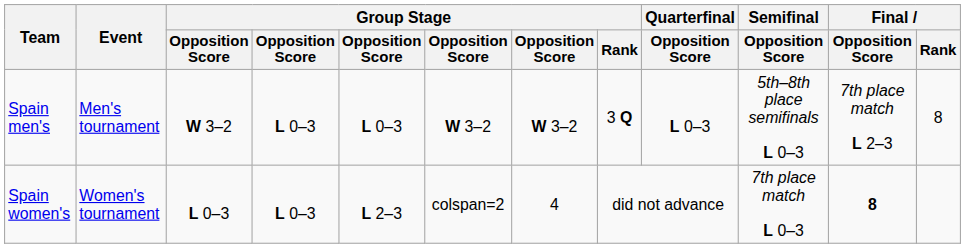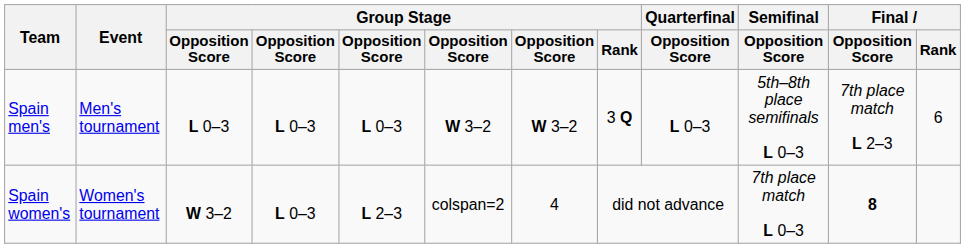 <table class=wikitable style=font-size:90%>
 <tr>
 <th rowspan=2>Team</th>
 <th rowspan=2>Event</th>
 <th colspan=6>Group Stage</th>
 <th>Quarterfinal</th>
 <th>Semifinal</th>
 <th colspan=2>Final / </th>
 </tr>
 <tr style=font-size:95%>
 <th>Opposition<br>Score</th>
 <th>Opposition<br>Score</th>
 <th>Opposition<br>Score</th>
 <th>Opposition<br>Score</th>
 <th>Opposition<br>Score</th>
 <th>Rank</th>
 <th>Opposition<br>Score</th>
 <th>Opposition<br>Score</th>
 <th>Opposition<br>Score</th>
 <th>Rank</th>
 </tr>
 <tr align=center>
 <td align=left><a href='#'>Spain men's</a></td>
 <td align=left><a href='#'>Men's tournament</a></td>
-<td><br><strong>W</strong> 3–2</td>
+<td><br><strong>L</strong> 0–3</td>
 <td><br><strong>L</strong> 0–3</td>
 <td><br><strong>L</strong> 0–3</td>
 <td><br><strong>W</strong> 3–2</td>
 <td><br><strong>W</strong> 3–2</td>
 <td>3 <strong>Q</strong></td>
 <td><br><strong>L</strong> 0–3</td>
 <td><em>5th–8th place semifinals</em><br><br><strong>L</strong> 0–3</td>
 <td><em>7th place match</em><br><br><strong>L</strong> 2–3</td>
-<td>8</td>
+<td>6</td>
 </tr>
 <tr align=center>
 <td align=left><a href='#'>Spain women's</a></td>
 <td align=left><a href='#'>Women's tournament</a></td>
-<td><br><strong>L</strong> 0–3</td>
+<td><br><strong>W</strong> 3–2</td>
 <td><br><strong>L</strong> 0–3</td>
 <td><br><strong>L</strong> 2–3</td>
 <td>colspan=2 </td>
 <td>4</td>
 <td colspan=2>did not advance</td>
 <td><em>7th place match</em><br><br><strong>L</strong> 0–3</td>
 <td><strong>8</strong></td>
 </tr>
 </table>
